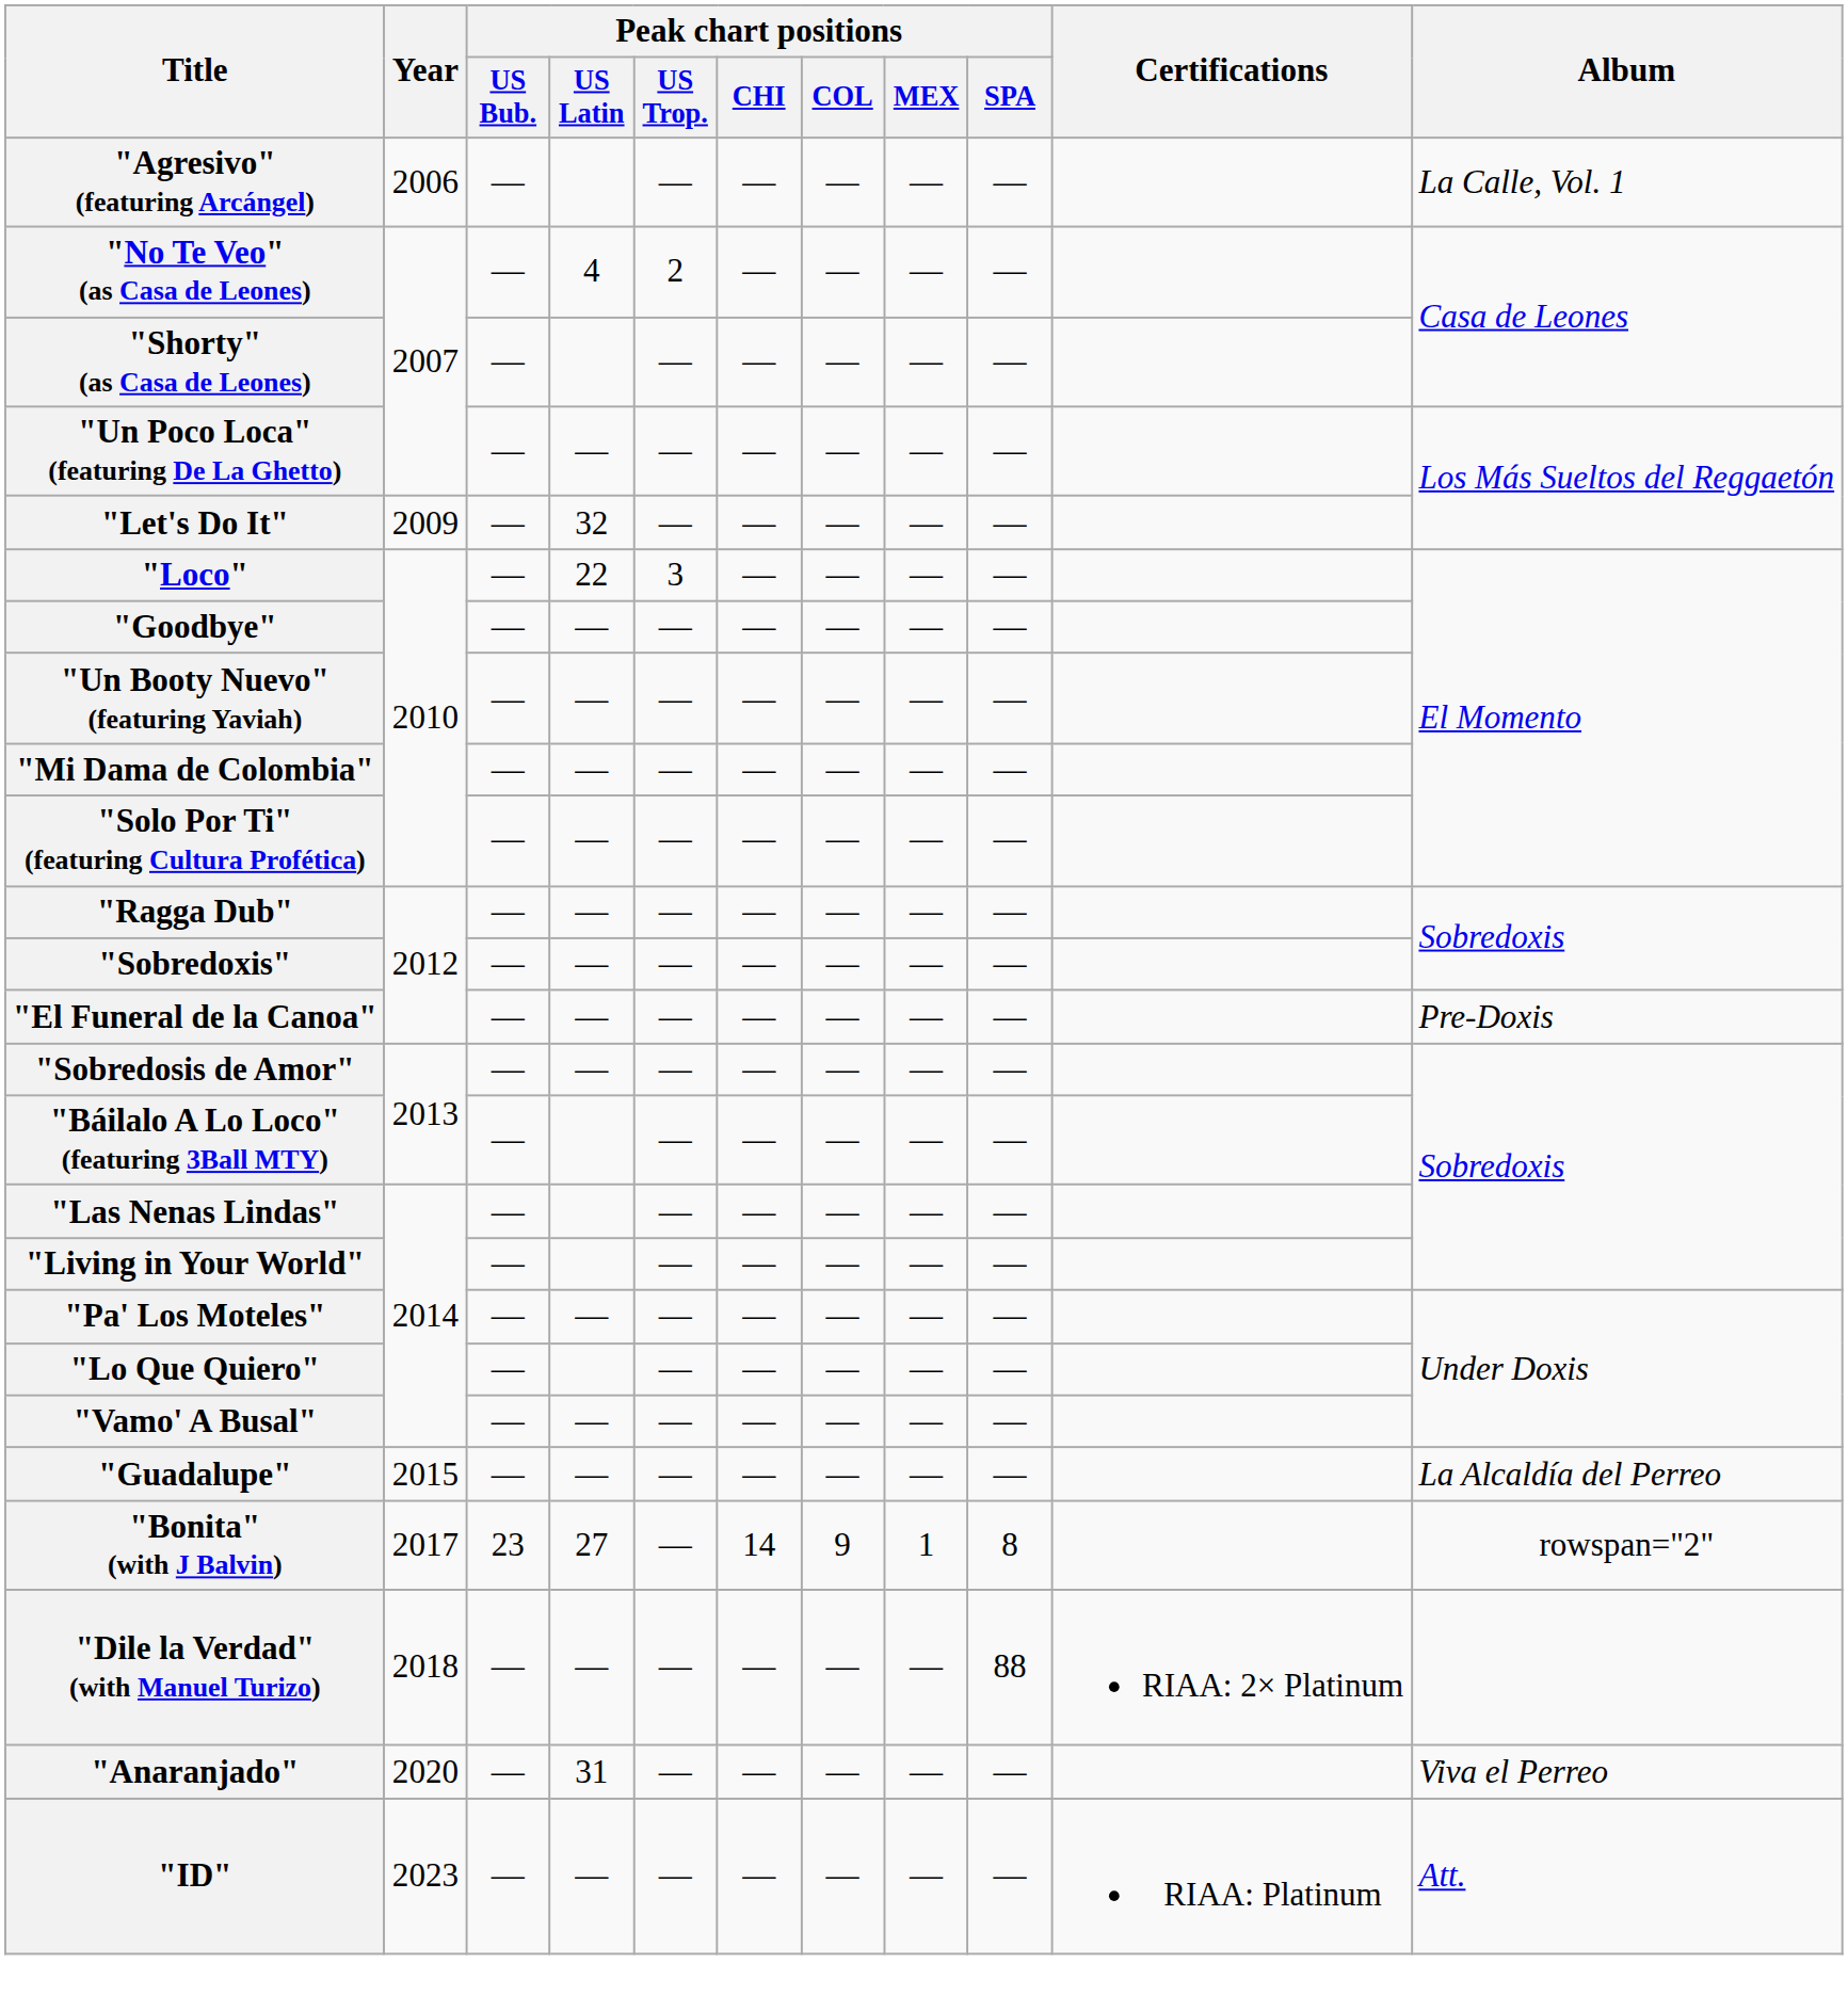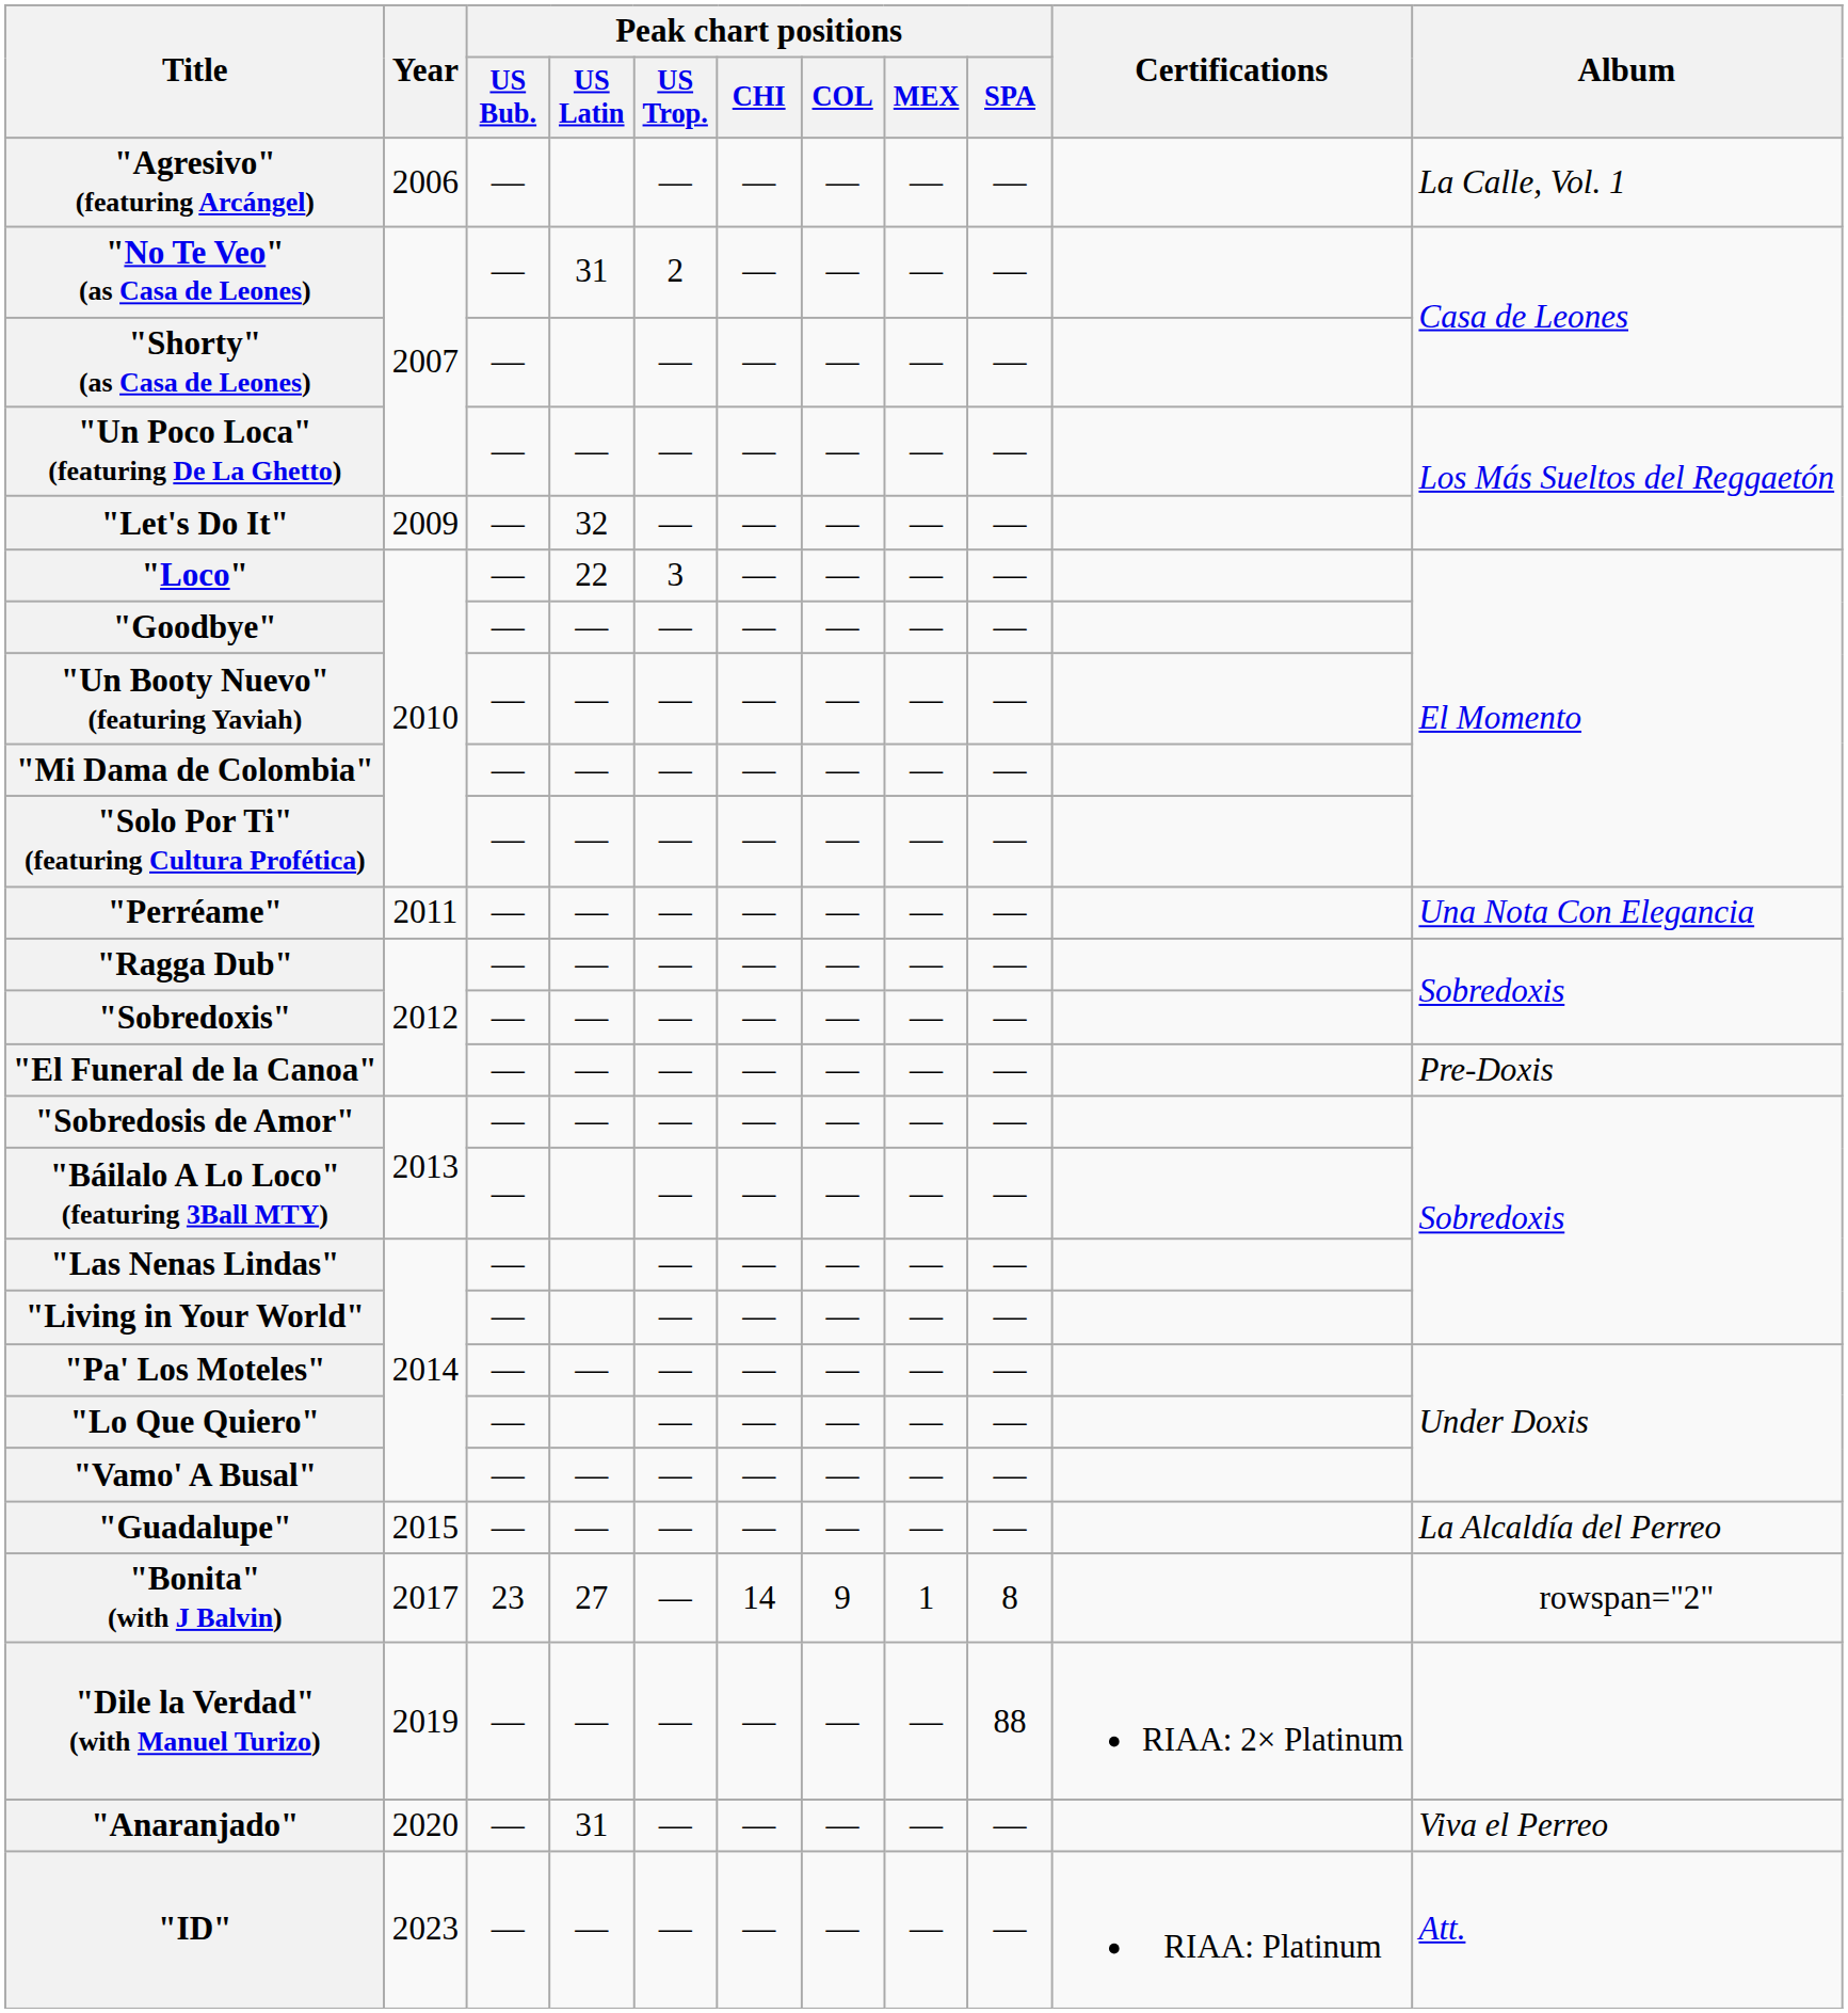 <table class="wikitable plainrowheaders" style="text-align:center">
 <tr>
 <th rowspan="2">Title</th>
 <th rowspan="2">Year</th>
 <th colspan="7">Peak chart positions</th>
 <th rowspan="2">Certifications</th>
 <th rowspan="2">Album</th>
 </tr>
 <tr>
 <th scope="col" style="width:2.5em;font-size:85%;"><a href='#'>US<br>Bub.</a><br></th>
 <th scope="col" style="width:2.5em;font-size:85%;"><a href='#'>US<br>Latin</a><br></th>
 <th scope="col" style="width:2.5em;font-size:85%;"><a href='#'>US<br>Trop.</a><br></th>
 <th scope="col" style="width:2.5em;font-size:85%;"><a href='#'>CHI</a><br></th>
 <th scope="col" style="width:2.5em;font-size:85%;"><a href='#'>COL</a><br></th>
 <th scope="col" style="width:2.5em;font-size:85%;"><a href='#'>MEX</a><br></th>
 <th scope="col" style="width:2.5em;font-size:85%;"><a href='#'>SPA</a><br></th>
 </tr>
 <tr>
 <th scope="row">"Agresivo"<br><small>(featuring <a href='#'>Arcángel</a>)</small></th>
 <td>2006</td>
 <td align="center">—</td>
 <td align="center"></td>
 <td align="center">—</td>
 <td align="center">—</td>
 <td align="center">—</td>
 <td align="center">—</td>
 <td align="center">—</td>
 <td></td>
 <td align="left"><em>La Calle, Vol. 1</em></td>
 </tr>
 <tr>
 <th scope="row">"<a href='#'>No Te Veo</a>"<br><small>(as <a href='#'>Casa de Leones</a>)</small></th>
 <td rowspan="3">2007</td>
 <td align="center">—</td>
-<td align="center">4</td>
+<td align="center">31</td>
 <td align="center">2</td>
 <td align="center">—</td>
 <td align="center">—</td>
 <td align="center">—</td>
 <td align="center">—</td>
 <td></td>
 <td rowspan="2" align="left"><em><a href='#'>Casa de Leones</a></em></td>
 </tr>
 <tr>
 <th scope="row">"Shorty"<br><small>(as <a href='#'>Casa de Leones</a>)</small></th>
 <td align="center">—</td>
 <td align="center"></td>
 <td align="center">—</td>
 <td align="center">—</td>
 <td align="center">—</td>
 <td align="center">—</td>
 <td align="center">—</td>
 <td></td>
 </tr>
 <tr>
 <th scope="row">"Un Poco Loca"<br><small>(featuring <a href='#'>De La Ghetto</a>)</small></th>
 <td align="center">—</td>
 <td align="center">—</td>
 <td align="center">—</td>
 <td align="center">—</td>
 <td align="center">—</td>
 <td align="center">—</td>
 <td align="center">—</td>
 <td></td>
 <td rowspan="2" align="left"><em><a href='#'>Los Más Sueltos del Reggaetón</a></em></td>
 </tr>
 <tr>
 <th scope="row">"Let's Do It"</th>
 <td>2009</td>
 <td align="center">—</td>
 <td align="center">32</td>
 <td align="center">—</td>
 <td align="center">—</td>
 <td align="center">—</td>
 <td align="center">—</td>
 <td align="center">—</td>
 <td></td>
 </tr>
 <tr>
 <th scope="row">"<a href='#'>Loco</a>"</th>
 <td rowspan="5">2010</td>
 <td align="center">—</td>
 <td align="center">22</td>
 <td align="center">3</td>
 <td align="center">—</td>
 <td align="center">—</td>
 <td align="center">—</td>
 <td align="center">—</td>
 <td></td>
 <td rowspan="5" align="left"><em><a href='#'>El Momento</a></em></td>
 </tr>
 <tr>
 <th scope="row">"Goodbye"</th>
 <td align="center">—</td>
 <td align="center">—</td>
 <td align="center">—</td>
 <td align="center">—</td>
 <td align="center">—</td>
 <td align="center">—</td>
 <td align="center">—</td>
 <td></td>
 </tr>
 <tr>
 <th scope="row">"Un Booty Nuevo"<br><small>(featuring Yaviah)</small></th>
 <td align="center">—</td>
 <td align="center">—</td>
 <td align="center">—</td>
 <td align="center">—</td>
 <td align="center">—</td>
 <td align="center">—</td>
 <td align="center">—</td>
 <td></td>
 </tr>
 <tr>
 <th scope="row">"Mi Dama de Colombia"</th>
 <td align="center">—</td>
 <td align="center">—</td>
 <td align="center">—</td>
 <td align="center">—</td>
 <td align="center">—</td>
 <td align="center">—</td>
 <td align="center">—</td>
 <td></td>
 </tr>
 <tr>
 <th scope="row">"Solo Por Ti"<br><small>(featuring <a href='#'>Cultura Profética</a>)</small></th>
 <td align="center">—</td>
 <td align="center">—</td>
 <td align="center">—</td>
 <td align="center">—</td>
 <td align="center">—</td>
 <td align="center">—</td>
 <td align="center">—</td>
 <td></td>
+</tr>
+<tr>
+<th scope="row">"Perréame"</th>
+<td>2011</td>
+<td align="center">—</td>
+<td align="center">—</td>
+<td align="center">—</td>
+<td align="center">—</td>
+<td align="center">—</td>
+<td align="center">—</td>
+<td align="center">—</td>
+<td></td>
+<td align="left"><em><a href='#'>Una Nota Con Elegancia</a></em></td>
 </tr>
 <tr>
 <th scope="row">"Ragga Dub"</th>
 <td rowspan="3">2012</td>
 <td align="center">—</td>
 <td align="center">—</td>
 <td align="center">—</td>
 <td align="center">—</td>
 <td align="center">—</td>
 <td align="center">—</td>
 <td align="center">—</td>
 <td></td>
 <td rowspan="2" align="left"><em><a href='#'>Sobredoxis</a></em></td>
 </tr>
 <tr>
 <th scope="row">"Sobredoxis"</th>
 <td align="center">—</td>
 <td align="center">—</td>
 <td align="center">—</td>
 <td align="center">—</td>
 <td align="center">—</td>
 <td align="center">—</td>
 <td align="center">—</td>
 <td></td>
 </tr>
 <tr>
 <th scope="row">"El Funeral de la Canoa"</th>
 <td align="center">—</td>
 <td align="center">—</td>
 <td align="center">—</td>
 <td align="center">—</td>
 <td align="center">—</td>
 <td align="center">—</td>
 <td align="center">—</td>
 <td></td>
 <td align="left"><em>Pre-Doxis</em></td>
 </tr>
 <tr>
 <th scope="row">"Sobredosis de Amor"</th>
 <td rowspan="2">2013</td>
 <td align="center">—</td>
 <td align="center">—</td>
 <td align="center">—</td>
 <td align="center">—</td>
 <td align="center">—</td>
 <td align="center">—</td>
 <td align="center">—</td>
 <td></td>
 <td rowspan="4" align="left"><em><a href='#'>Sobredoxis</a></em></td>
 </tr>
 <tr>
 <th scope="row">"Báilalo A Lo Loco"<br><small>(featuring <a href='#'>3Ball MTY</a>)</small></th>
 <td align="center">—</td>
 <td align="center"></td>
 <td align="center">—</td>
 <td align="center">—</td>
 <td align="center">—</td>
 <td align="center">—</td>
 <td align="center">—</td>
 <td></td>
 </tr>
 <tr>
 <th scope="row">"Las Nenas Lindas"</th>
 <td rowspan="5">2014</td>
 <td align="center">—</td>
 <td align="center"></td>
 <td align="center">—</td>
 <td align="center">—</td>
 <td align="center">—</td>
 <td align="center">—</td>
 <td align="center">—</td>
 <td></td>
 </tr>
 <tr>
 <th scope="row">"Living in Your World"</th>
 <td align="center">—</td>
 <td align="center"></td>
 <td align="center">—</td>
 <td align="center">—</td>
 <td align="center">—</td>
 <td align="center">—</td>
 <td align="center">—</td>
 <td></td>
 </tr>
 <tr>
 <th scope="row">"Pa' Los Moteles"</th>
 <td align="center">—</td>
 <td align="center">—</td>
 <td align="center">—</td>
 <td align="center">—</td>
 <td align="center">—</td>
 <td align="center">—</td>
 <td align="center">—</td>
 <td></td>
 <td rowspan="3" align="left"><em>Under Doxis</em></td>
 </tr>
 <tr>
 <th scope="row">"Lo Que Quiero"</th>
 <td align="center">—</td>
 <td align="center"></td>
 <td align="center">—</td>
 <td align="center">—</td>
 <td align="center">—</td>
 <td align="center">—</td>
 <td align="center">—</td>
 <td></td>
 </tr>
 <tr>
 <th scope="row">"Vamo' A Busal"</th>
 <td align="center">—</td>
 <td align="center">—</td>
 <td align="center">—</td>
 <td align="center">—</td>
 <td align="center">—</td>
 <td align="center">—</td>
 <td align="center">—</td>
 <td></td>
 </tr>
 <tr>
 <th scope="row">"Guadalupe"</th>
 <td>2015</td>
 <td align="center">—</td>
 <td align="center">—</td>
 <td align="center">—</td>
 <td align="center">—</td>
 <td align="center">—</td>
 <td align="center">—</td>
 <td align="center">—</td>
 <td></td>
 <td align="left"><em>La Alcaldía del Perreo</em></td>
 </tr>
 <tr>
 <th scope="row">"Bonita"<br><small>(with <a href='#'>J Balvin</a>)</small></th>
 <td>2017</td>
 <td align="center">23</td>
 <td align="center">27</td>
 <td align="center">—</td>
 <td align="center">14</td>
 <td align="center">9</td>
 <td align="center">1</td>
 <td align="center">8</td>
 <td></td>
 <td>rowspan="2" </td>
 </tr>
 <tr>
 <th scope="row">"Dile la Verdad"<br><small>(with <a href='#'>Manuel Turizo</a>)</small></th>
-<td>2018</td>
+<td>2019</td>
 <td align="center">—</td>
 <td align="center">—</td>
 <td align="center">—</td>
 <td align="center">—</td>
 <td align="center">—</td>
 <td align="center">—</td>
 <td align="center">88<br></td>
 <td><br><ul><li>RIAA: 2× Platinum </li></ul></td>
 </tr>
 <tr>
 <th scope="row">"Anaranjado"<br></th>
 <td>2020</td>
 <td align="center">—</td>
 <td align="center">31</td>
 <td align="center">—</td>
 <td align="center">—</td>
 <td align="center">—</td>
 <td align="center">—</td>
 <td align="center">—</td>
 <td></td>
 <td align="left"><em>Viva el Perreo</em></td>
 </tr>
 <tr>
 <th scope="row">"ID"<br></th>
 <td>2023</td>
 <td align="center">—</td>
 <td align="center">—</td>
 <td align="center">—</td>
 <td align="center">—</td>
 <td align="center">—</td>
 <td align="center">—</td>
 <td align="center">—</td>
 <td><br><ul><li>RIAA: Platinum </li></ul></td>
 <td align="left"><em><a href='#'>Att.</a></em></td>
 </tr>
 </table>
